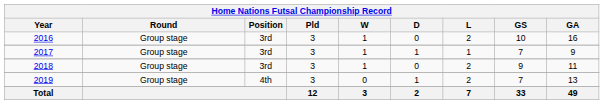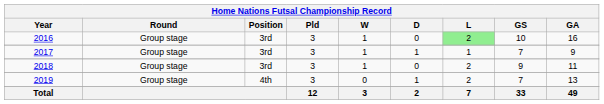 <table class="wikitable" width=50% style="text-align: center;font-size:90%;">
 <tr>
 <th colspan=9><a href='#'>Home Nations Futsal Championship Record</a></th>
 </tr>
 <tr>
 <th width=12%>Year</th>
 <th width=25%>Round</th>
 <th width=6%>Position</th>
 <th width=8%>Pld</th>
 <th width=8%>W</th>
 <th width=8%>D</th>
 <th width=8%>L</th>
 <th width=8%>GS</th>
 <th width=8%>GA</th>
 </tr>
 <tr>
 <td> <a href='#'>2016</a></td>
 <td>Group stage</td>
 <td>3rd</td>
 <td>3</td>
 <td>1</td>
 <td>0</td>
-<td>2</td>
+<td style="background: lightgreen;">2</td>
 <td>10</td>
 <td>16</td>
 </tr>
 <tr - bgcolor="#cc9966">
 </tr>
 <tr>
 <td> <a href='#'>2017</a></td>
 <td>Group stage</td>
 <td>3rd</td>
 <td>3</td>
 <td>1</td>
 <td>1</td>
 <td>1</td>
 <td>7</td>
 <td>9</td>
 </tr>
 <tr - bgcolor="#cc9966">
 </tr>
 <tr>
 <td> <a href='#'>2018</a></td>
 <td>Group stage</td>
 <td>3rd</td>
 <td>3</td>
 <td>1</td>
 <td>0</td>
 <td>2</td>
 <td>9</td>
 <td>11</td>
 </tr>
 <tr - bgcolor="#cc9966">
 </tr>
 <tr>
 <td> <a href='#'>2019</a></td>
 <td>Group stage</td>
 <td>4th</td>
 <td>3</td>
 <td>0</td>
 <td>1</td>
 <td>2</td>
 <td>7</td>
 <td>13</td>
 </tr>
 <tr - bgcolor="#cc9966">
 </tr>
 <tr>
 <th>Total</th>
 <th colspan=2></th>
 <th>12</th>
 <th>3</th>
 <th>2</th>
 <th>7</th>
 <th>33</th>
 <th>49</th>
 </tr>
 </table>
